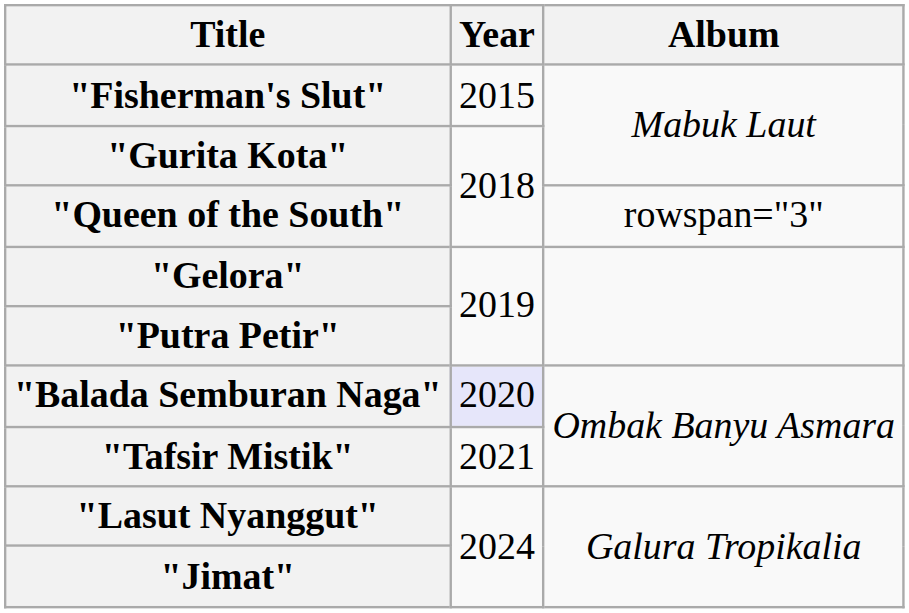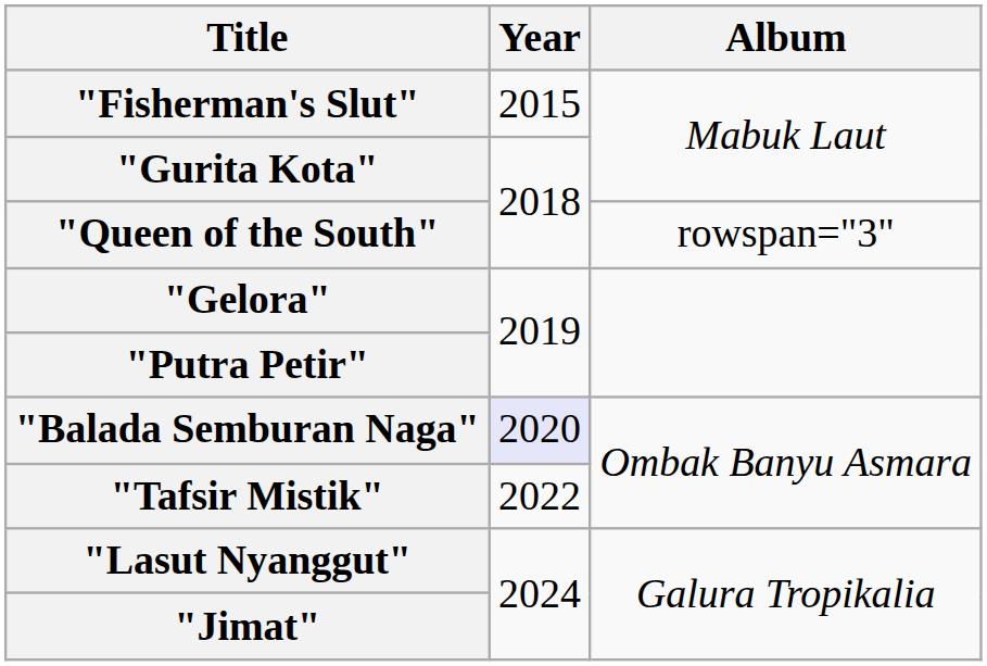 <table class="wikitable plainrowheaders" style="text-align:center">
 <tr>
 <th scope="col">Title</th>
 <th>Year</th>
 <th scope="col">Album</th>
 </tr>
 <tr>
 <th scope="row">"Fisherman's Slut"</th>
 <td>2015</td>
 <td rowspan="2"><em>Mabuk Laut</em></td>
 </tr>
 <tr>
 <th scope="row">"Gurita Kota"</th>
 <td rowspan="2">2018</td>
 </tr>
 <tr>
 <th scope="row">"Queen of the South"</th>
 <td>rowspan="3" </td>
 </tr>
 <tr>
 <th scope="row">"Gelora"<br></th>
 <td rowspan="2">2019</td>
 </tr>
 <tr>
 <th scope="row">"Putra Petir"</th>
 </tr>
 <tr>
 <th scope="row">"Balada Semburan Naga"<br></th>
 <td style="background: lavender;">2020</td>
 <td rowspan="2"><em>Ombak Banyu Asmara</em></td>
 </tr>
 <tr>
 <th scope="row">"Tafsir Mistik"</th>
-<td>2021</td>
+<td>2022</td>
 </tr>
 <tr>
 <th scope="row">"Lasut Nyanggut"</th>
 <td rowspan="2">2024</td>
 <td rowspan="2"><em>Galura Tropikalia</em></td>
 </tr>
 <tr>
 <th scope="row">"Jimat"<br></th>
 </tr>
 </table>
